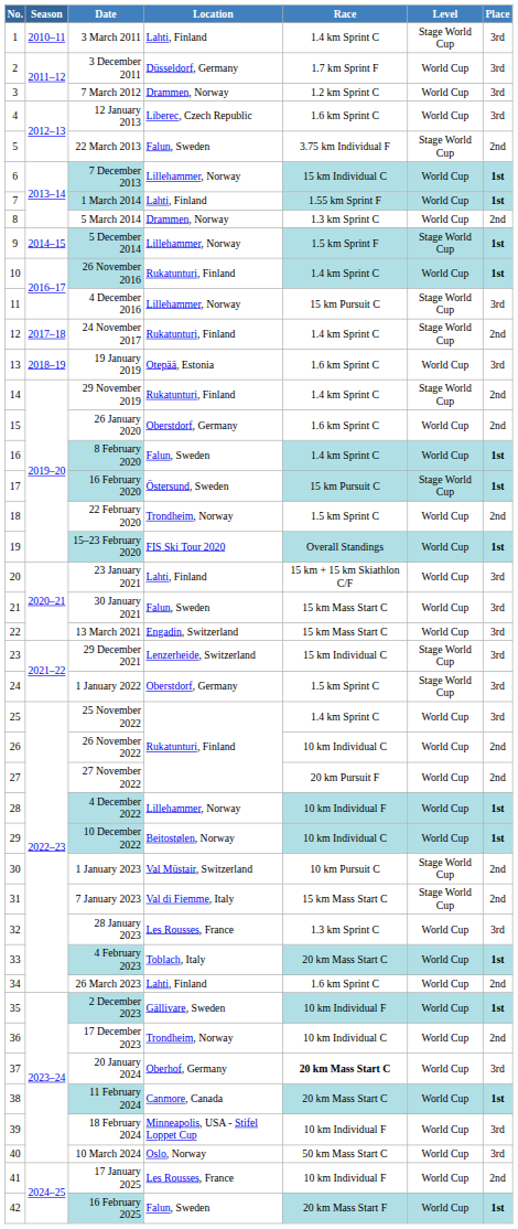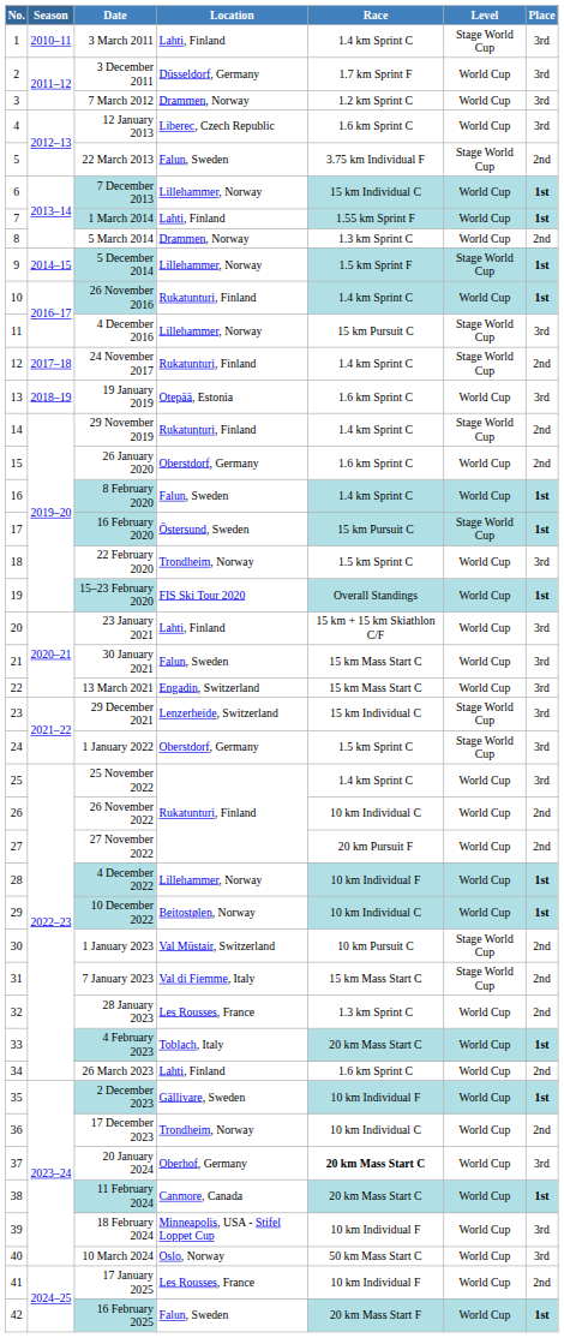 <table class="wikitable sortable" style="font-size:95%; text-align:center; border:grey solid 1px; border-collapse:collapse; background:#ffffff;">
 <tr style="background:#efefef;">
 <th style="background-color:#369; color:white;">No.</th>
 <th style="background-color:#369; color:white;">Season</th>
 <th style="background-color:#4180be; color:white; width:100px;">Date</th>
 <th style="background-color:#4180be; color:white; width:190px;">Location</th>
 <th style="background-color:#4180be; color:white; width:170px;">Race</th>
 <th style="background-color:#4180be; color:white; width:100px;">Level</th>
 <th style="background-color:#4180be; color:white;">Place</th>
 </tr>
 <tr>
 <td align=center>1</td>
 <td align=center><a href='#'>2010–11</a></td>
 <td align=right>3 March 2011</td>
 <td align=left> <a href='#'>Lahti</a>, Finland</td>
 <td>1.4 km Sprint C</td>
 <td>Stage World Cup</td>
 <td>3rd</td>
 </tr>
 <tr>
 <td align=center>2</td>
 <td rowspan=2 align=center><a href='#'>2011–12</a></td>
 <td align=right>3 December 2011</td>
 <td align=left> <a href='#'>Düsseldorf</a>, Germany</td>
 <td>1.7 km Sprint F</td>
 <td>World Cup</td>
 <td>3rd</td>
 </tr>
 <tr>
 <td align=center>3</td>
 <td align=right>7 March 2012</td>
 <td align=left> <a href='#'>Drammen</a>, Norway</td>
 <td>1.2 km Sprint C</td>
 <td>World Cup</td>
 <td>3rd</td>
 </tr>
 <tr>
 <td align=center>4</td>
 <td rowspan=2 align=center><a href='#'>2012–13</a></td>
 <td align=right>12 January 2013</td>
 <td align=left> <a href='#'>Liberec</a>, Czech Republic</td>
 <td>1.6 km Sprint C</td>
 <td>World Cup</td>
 <td>3rd</td>
 </tr>
 <tr>
 <td align=center>5</td>
 <td align=right>22 March 2013</td>
 <td align=left> <a href='#'>Falun</a>, Sweden</td>
 <td>3.75 km Individual F</td>
 <td>Stage World Cup</td>
 <td>2nd</td>
 </tr>
 <tr>
 <td align=center>6</td>
 <td rowspan=3 align=center><a href='#'>2013–14</a></td>
 <td bgcolor="#BOEOE6" align=right>7 December 2013</td>
 <td align=left> <a href='#'>Lillehammer</a>, Norway</td>
 <td bgcolor="#BOEOE6">15 km Individual C</td>
 <td bgcolor="#BOEOE6">World Cup</td>
 <td bgcolor="#BOEOE6"><strong>1st</strong></td>
 </tr>
 <tr>
 <td align=center>7</td>
 <td bgcolor="#BOEOE6" align=right>1 March 2014</td>
 <td align=left> <a href='#'>Lahti</a>, Finland</td>
 <td bgcolor="#BOEOE6">1.55 km Sprint F</td>
 <td bgcolor="#BOEOE6">World Cup</td>
 <td bgcolor="#BOEOE6"><strong>1st</strong></td>
 </tr>
 <tr>
 <td align=center>8</td>
 <td align=right>5 March 2014</td>
 <td align=left> <a href='#'>Drammen</a>, Norway</td>
 <td>1.3 km Sprint C</td>
 <td>World Cup</td>
 <td>2nd</td>
 </tr>
 <tr>
 <td align=center>9</td>
 <td align=center><a href='#'>2014–15</a></td>
 <td bgcolor="#BOEOE6" align=right>5 December 2014</td>
 <td align=left> <a href='#'>Lillehammer</a>, Norway</td>
 <td bgcolor="#BOEOE6">1.5 km Sprint F</td>
 <td bgcolor="#BOEOE6">Stage World Cup</td>
 <td bgcolor="#BOEOE6"><strong>1st</strong></td>
 </tr>
 <tr>
 <td align=center>10</td>
 <td rowspan=2 align=center><a href='#'>2016–17</a></td>
 <td bgcolor="#BOEOE6" align=right>26 November 2016</td>
 <td align=left> <a href='#'>Rukatunturi</a>, Finland</td>
 <td bgcolor="#BOEOE6">1.4 km Sprint C</td>
 <td bgcolor="#BOEOE6">World Cup</td>
 <td bgcolor="#BOEOE6"><strong>1st</strong></td>
 </tr>
 <tr>
 <td align=center>11</td>
 <td align=right>4 December 2016</td>
 <td align=left> <a href='#'>Lillehammer</a>, Norway</td>
 <td>15 km Pursuit C</td>
 <td>Stage World Cup</td>
 <td>3rd</td>
 </tr>
 <tr>
 <td align=center>12</td>
 <td align=center><a href='#'>2017–18</a></td>
 <td align=right>24 November 2017</td>
 <td align=left> <a href='#'>Rukatunturi</a>, Finland</td>
 <td>1.4 km Sprint C</td>
 <td>Stage World Cup</td>
 <td>2nd</td>
 </tr>
 <tr>
 <td align=center>13</td>
 <td align=center><a href='#'>2018–19</a></td>
 <td align=right>19 January 2019</td>
 <td align=left> <a href='#'>Otepää</a>, Estonia</td>
 <td>1.6 km Sprint C</td>
 <td>World Cup</td>
 <td>3rd</td>
 </tr>
 <tr>
 <td align=center>14</td>
 <td rowspan=6 align=center><a href='#'>2019–20</a></td>
 <td align=right>29 November 2019</td>
 <td align=left> <a href='#'>Rukatunturi</a>, Finland</td>
 <td>1.4 km Sprint C</td>
 <td>Stage World Cup</td>
 <td>2nd</td>
 </tr>
 <tr>
 <td align=center>15</td>
 <td align=right>26 January 2020</td>
 <td align=left> <a href='#'>Oberstdorf</a>, Germany</td>
 <td>1.6 km Sprint C</td>
 <td>World Cup</td>
 <td>2nd</td>
 </tr>
 <tr>
 <td align=center>16</td>
 <td bgcolor="#BOEOE6" align=right>8 February 2020</td>
 <td align=left> <a href='#'>Falun</a>, Sweden</td>
 <td bgcolor="#BOEOE6">1.4 km Sprint C</td>
 <td bgcolor="#BOEOE6">World Cup</td>
 <td bgcolor="#BOEOE6"><strong>1st</strong></td>
 </tr>
 <tr>
 <td align=center>17</td>
 <td bgcolor="#BOEOE6" align=right>16 February 2020</td>
 <td align=left> <a href='#'>Östersund</a>, Sweden</td>
 <td bgcolor="#BOEOE6">15 km Pursuit C</td>
 <td bgcolor="#BOEOE6">Stage World Cup</td>
 <td bgcolor="#BOEOE6"><strong>1st</strong></td>
 </tr>
 <tr>
 <td align=center>18</td>
 <td align=right>22 February 2020</td>
 <td align=left> <a href='#'>Trondheim</a>, Norway</td>
 <td>1.5 km Sprint C</td>
 <td>World Cup</td>
-<td>2nd</td>
+<td>3rd</td>
 </tr>
 <tr>
 <td align=center>19</td>
 <td bgcolor="#BOEOE6" align=right>15–23 February 2020</td>
 <td align="left"> <a href='#'>FIS Ski Tour 2020</a></td>
 <td bgcolor="#BOEOE6">Overall Standings</td>
 <td bgcolor="#BOEOE6">World Cup</td>
 <td bgcolor="#BOEOE6"><strong>1st</strong></td>
 </tr>
 <tr>
 <td align=center>20</td>
 <td rowspan=3 align=center><a href='#'>2020–21</a></td>
 <td align=right>23 January 2021</td>
 <td align=left> <a href='#'>Lahti</a>, Finland</td>
 <td>15 km + 15 km Skiathlon C/F</td>
 <td>World Cup</td>
 <td>3rd</td>
 </tr>
 <tr>
 <td align=center>21</td>
 <td align=right>30 January 2021</td>
 <td align=left> <a href='#'>Falun</a>, Sweden</td>
 <td>15 km Mass Start C</td>
 <td>World Cup</td>
 <td>3rd</td>
 </tr>
 <tr>
 <td align=center>22</td>
 <td align=right>13 March 2021</td>
 <td align=left> <a href='#'>Engadin</a>, Switzerland</td>
 <td>15 km Mass Start C</td>
 <td>World Cup</td>
 <td>3rd</td>
 </tr>
 <tr>
 <td align=center>23</td>
 <td rowspan=2 align=center><a href='#'>2021–22</a></td>
 <td align=right>29 December 2021</td>
 <td align=left> <a href='#'>Lenzerheide</a>, Switzerland</td>
 <td>15 km Individual C</td>
 <td>Stage World Cup</td>
 <td>3rd</td>
 </tr>
 <tr>
 <td align=center>24</td>
 <td align=right>1 January 2022</td>
 <td align=left> <a href='#'>Oberstdorf</a>, Germany</td>
 <td>1.5 km Sprint C</td>
 <td>Stage World Cup</td>
 <td>3rd</td>
 </tr>
 <tr>
 <td align=center>25</td>
 <td rowspan=10 align=center><a href='#'>2022–23</a></td>
 <td align=right>25 November 2022</td>
 <td rowspan=3 align=left> <a href='#'>Rukatunturi</a>, Finland</td>
 <td>1.4 km Sprint C</td>
 <td>World Cup</td>
 <td>3rd</td>
 </tr>
 <tr>
 <td align=center>26</td>
 <td align=right>26 November 2022</td>
 <td>10 km Individual C</td>
 <td>World Cup</td>
 <td>2nd</td>
 </tr>
 <tr>
 <td align=center>27</td>
 <td align=right>27 November 2022</td>
 <td>20 km Pursuit F</td>
 <td>World Cup</td>
 <td>2nd</td>
 </tr>
 <tr>
 <td align=center>28</td>
 <td bgcolor="#BOEOE6" align=right>4 December 2022</td>
 <td align=left> <a href='#'>Lillehammer</a>, Norway</td>
 <td bgcolor="#BOEOE6">10 km Individual F</td>
 <td bgcolor="#BOEOE6">World Cup</td>
 <td bgcolor="#BOEOE6"><strong>1st</strong></td>
 </tr>
 <tr>
 <td align=center>29</td>
 <td bgcolor="#BOEOE6" align=right>10 December 2022</td>
 <td align=left> <a href='#'>Beitostølen</a>, Norway</td>
 <td bgcolor="#BOEOE6">10 km Individual C</td>
 <td bgcolor="#BOEOE6">World Cup</td>
 <td bgcolor="#BOEOE6"><strong>1st</strong></td>
 </tr>
 <tr>
 <td align=center>30</td>
 <td align=right>1 January 2023</td>
 <td align=left> <a href='#'>Val Müstair</a>, Switzerland</td>
 <td>10 km Pursuit C</td>
 <td>Stage World Cup</td>
 <td>2nd</td>
 </tr>
 <tr>
 <td align=center>31</td>
 <td align=right>7 January 2023</td>
 <td align=left> <a href='#'>Val di Fiemme</a>, Italy</td>
 <td>15 km Mass Start C</td>
 <td>Stage World Cup</td>
 <td>2nd</td>
 </tr>
 <tr>
 <td align=center>32</td>
 <td align=right>28 January 2023</td>
 <td align=left> <a href='#'>Les Rousses</a>, France</td>
 <td>1.3 km Sprint C</td>
 <td>World Cup</td>
-<td>3rd</td>
+<td>2nd</td>
 </tr>
 <tr>
 <td align=center>33</td>
 <td bgcolor="#BOEOE6" align=right>4 February 2023</td>
 <td align=left> <a href='#'>Toblach</a>, Italy</td>
 <td bgcolor="#BOEOE6">20 km Mass Start C</td>
 <td bgcolor="#BOEOE6">World Cup</td>
 <td bgcolor="#BOEOE6"><strong>1st</strong></td>
 </tr>
 <tr>
 <td align=center>34</td>
 <td align=right>26 March 2023</td>
 <td align=left> <a href='#'>Lahti</a>, Finland</td>
 <td>1.6 km Sprint C</td>
 <td>World Cup</td>
 <td>2nd</td>
 </tr>
 <tr>
 <td align=center>35</td>
 <td rowspan=6><a href='#'>2023–24</a></td>
 <td bgcolor="#BOEOE6" align=right>2 December 2023</td>
 <td align=left> <a href='#'>Gällivare</a>, Sweden</td>
 <td bgcolor="#BOEOE6">10 km Individual F</td>
 <td bgcolor="#BOEOE6">World Cup</td>
 <td bgcolor="#BOEOE6"><strong>1st</strong></td>
 </tr>
 <tr>
 <td align=center>36</td>
 <td align=right>17 December 2023</td>
 <td align=left> <a href='#'>Trondheim</a>, Norway</td>
 <td>10 km Individual C</td>
 <td>World Cup</td>
 <td>2nd</td>
 </tr>
 <tr>
 <td align=center>37</td>
 <td align=right>20 January 2024</td>
 <td align=left> <a href='#'>Oberhof</a>, Germany</td>
 <td><strong>20 km Mass Start C</strong></td>
 <td>World Cup</td>
 <td>3rd</td>
 </tr>
 <tr>
 <td align=center>38</td>
 <td bgcolor="#BOEOE6" align=right>11 February 2024</td>
 <td align=left> <a href='#'>Canmore</a>, Canada</td>
 <td bgcolor="#BOEOE6">20 km Mass Start C</td>
 <td bgcolor="#BOEOE6">World Cup</td>
 <td bgcolor="#BOEOE6"><strong>1st</strong></td>
 </tr>
 <tr>
 <td align=center>39</td>
 <td align=right>18 February 2024</td>
 <td align=left> <a href='#'>Minneapolis</a>, USA - <a href='#'>Stifel Loppet Cup</a></td>
 <td>10 km Individual F</td>
 <td>World Cup</td>
 <td>3rd</td>
 </tr>
 <tr>
 <td align=center>40</td>
 <td align=right>10 March 2024</td>
 <td align=left> <a href='#'>Oslo</a>, Norway</td>
 <td>50 km Mass Start C</td>
 <td>World Cup</td>
 <td>3rd</td>
 </tr>
 <tr>
 <td align=center>41</td>
 <td align="center" rowspan=2><a href='#'>2024–25</a></td>
 <td align=right>17 January 2025</td>
 <td align=left> <a href='#'>Les Rousses</a>, France</td>
 <td>10 km Individual F</td>
 <td>World Cup</td>
 <td>2nd</td>
 </tr>
 <tr>
 <td align=center>42</td>
 <td bgcolor="#BOEOE6" align=right>16 February 2025</td>
 <td align=left> <a href='#'>Falun</a>, Sweden</td>
 <td bgcolor="#BOEOE6">20 km Mass Start F</td>
 <td bgcolor="#BOEOE6">World Cup</td>
 <td bgcolor="#BOEOE6"><strong>1st</strong></td>
 </tr>
 </table>
